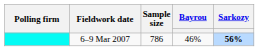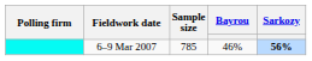 <table class="wikitable sortable" style="text-align:center;font-size:90%;line-height:14px;">
 <tr style="height:40px;">
 <th style="width:100px;" rowspan="2">Polling firm</th>
 <th style="width:110px;" rowspan="2">Fieldwork date</th>
 <th style="width:35px;" rowspan="2">Sample<br>size</th>
 <th class="unsortable" style="width:60px;"><a href='#'>Bayrou</a><br></th>
 <th class="unsortable" style="width:60px;"><a href='#'>Sarkozy</a><br></th>
 </tr>
 <tr>
 <th style="background:"></th>
 <th style="background:"></th>
 </tr>
 <tr>
 <td style="background:#04FBF4;"></td>
 <td data-sort-value="2007-03-09">6–9 Mar 2007</td>
-<td>786</td>
+<td>785</td>
 <td>46%</td>
 <td style="background:#B9DAFF;"><strong>56%</strong></td>
 </tr>
 </table>
